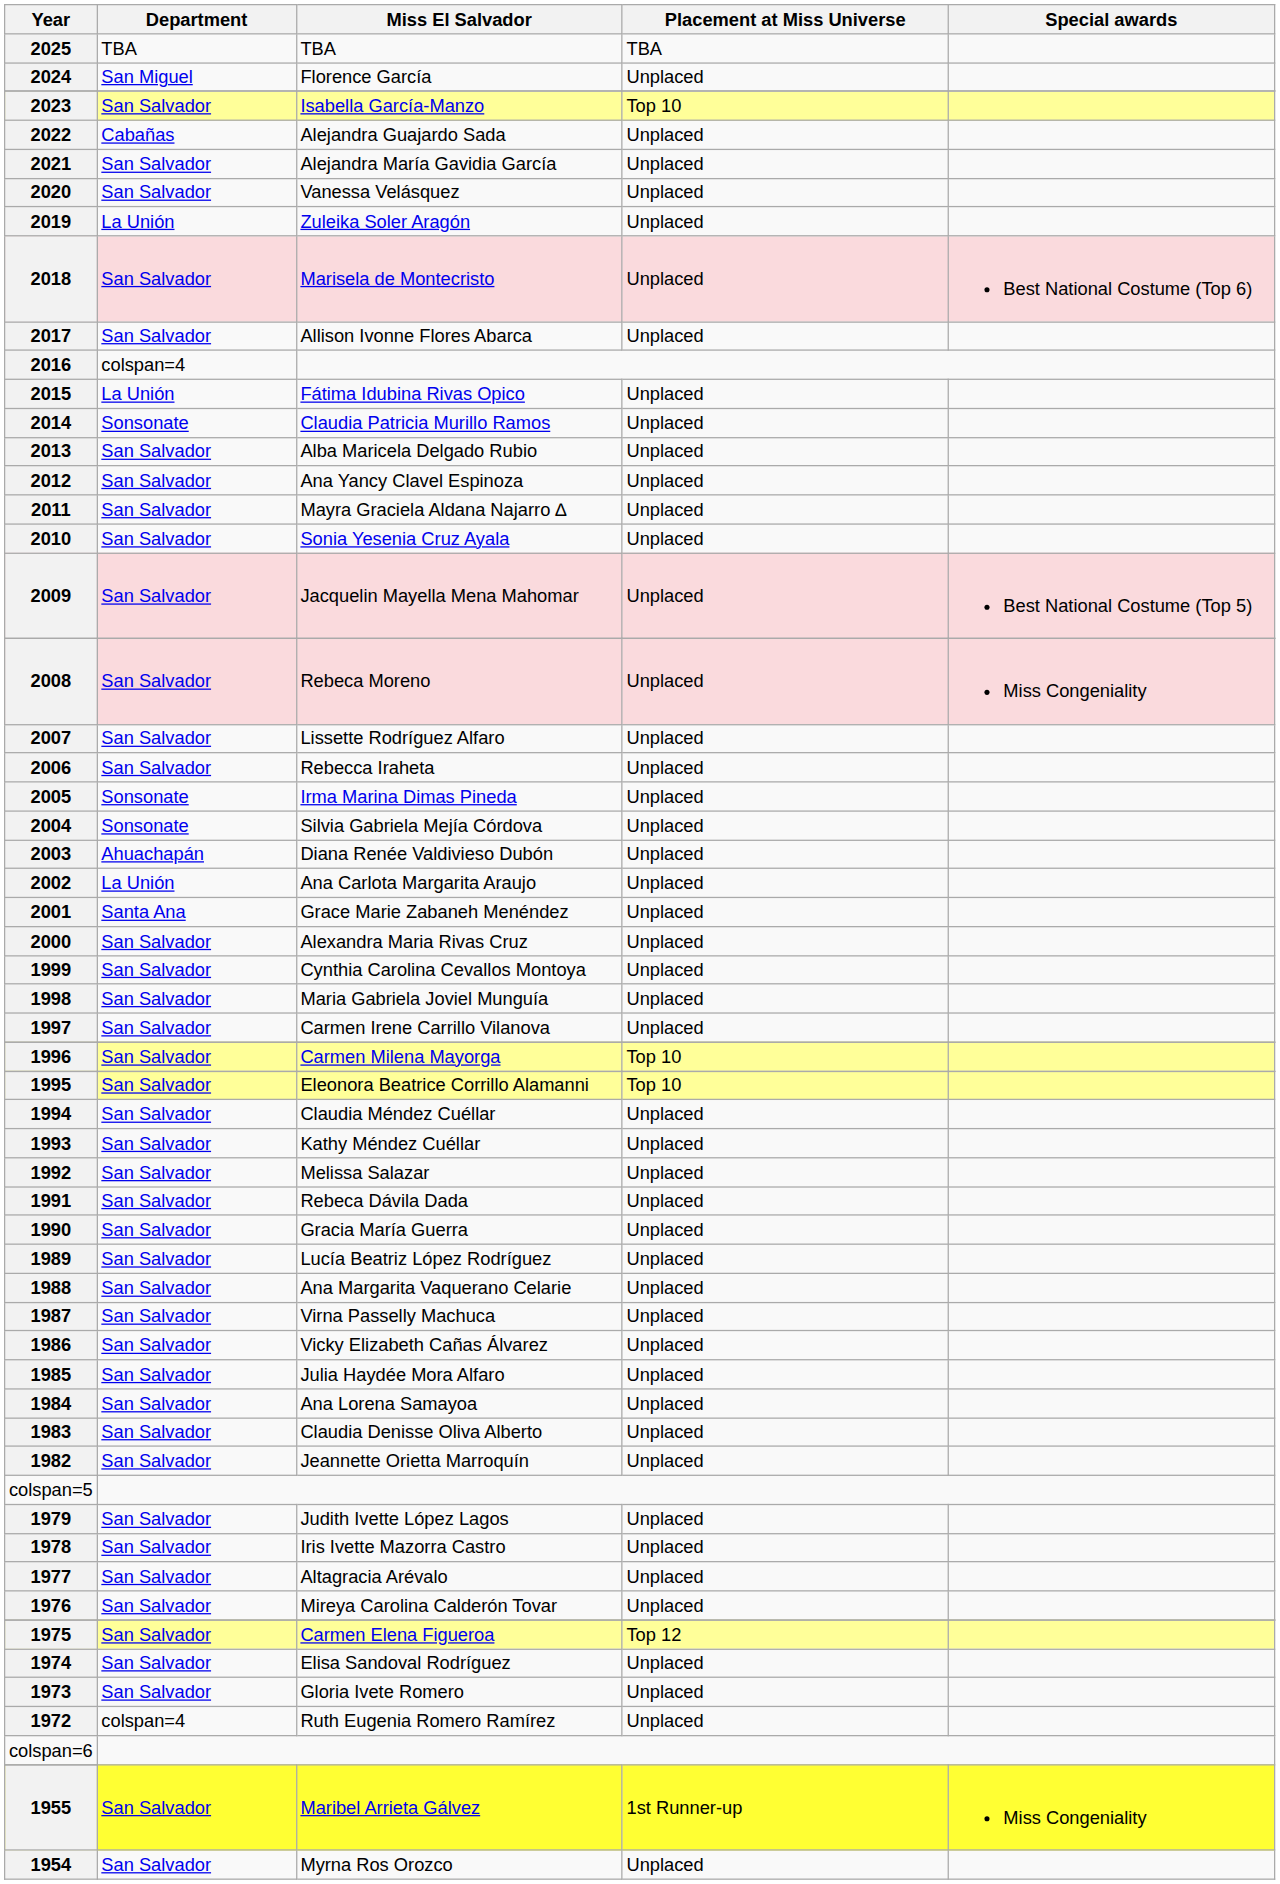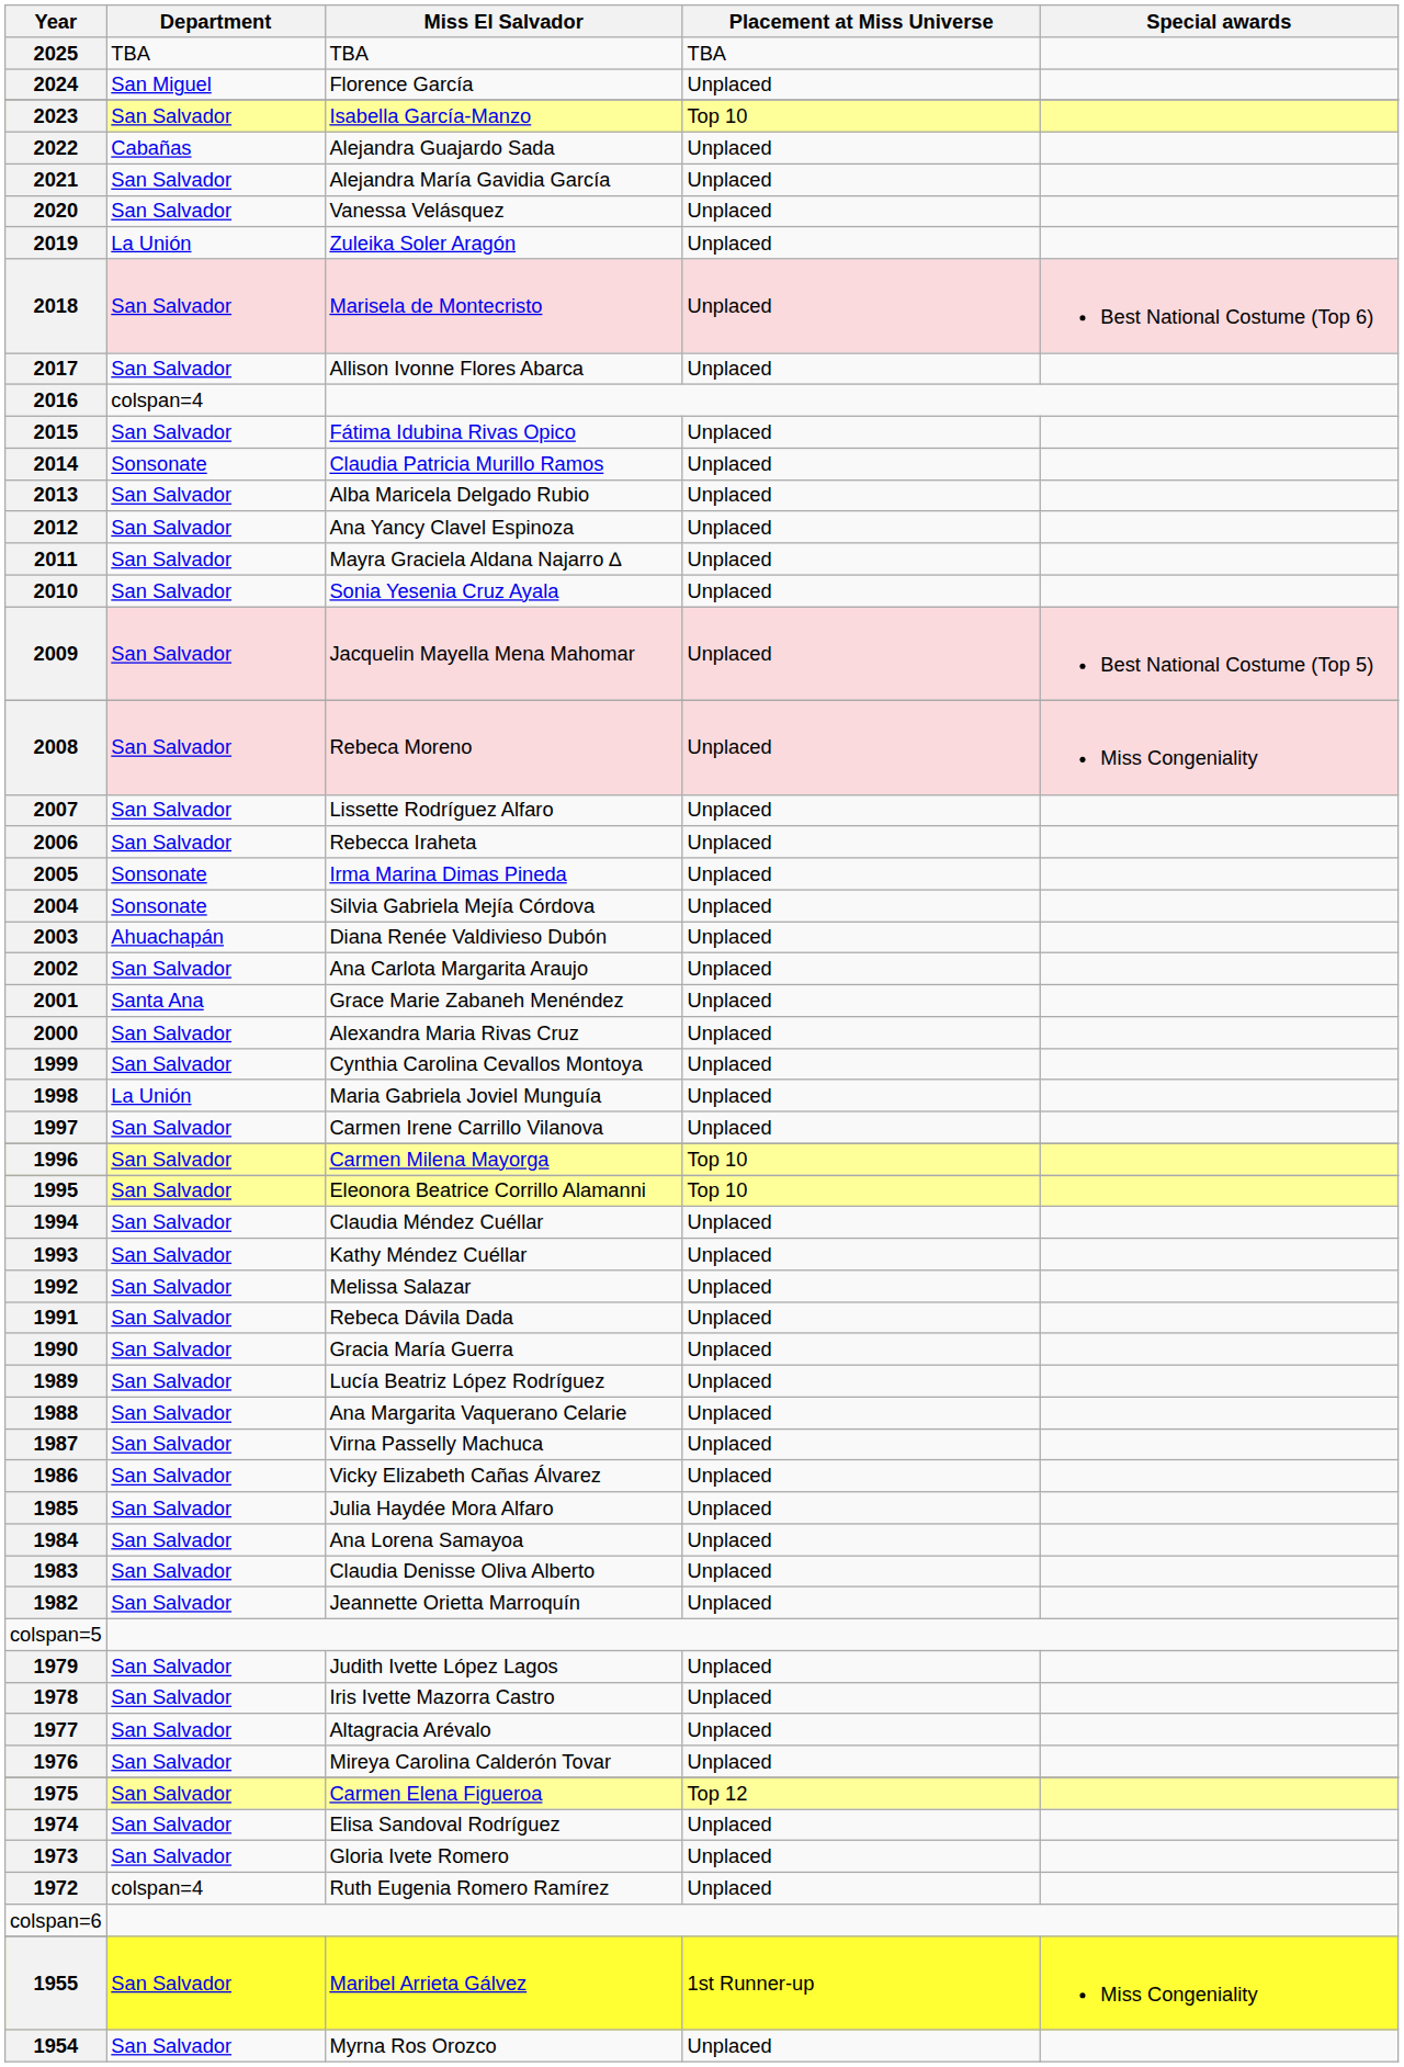 <table class="wikitable " style="font-size: 90%;">
 <tr>
 <th width="60">Year</th>
 <th width="150">Department</th>
 <th width="250">Miss El Salvador</th>
 <th width="250">Placement at Miss Universe</th>
 <th width="250">Special awards</th>
 </tr>
 <tr>
 <th>2025</th>
 <td>TBA</td>
 <td>TBA</td>
 <td>TBA</td>
 <td></td>
 </tr>
 <tr>
 <th>2024</th>
 <td><a href='#'>San Miguel</a></td>
 <td>Florence García</td>
 <td>Unplaced</td>
 <td></td>
 </tr>
 <tr>
 </tr>
 <tr style="background-color:#FFFF99;">
 <th>2023</th>
 <td><a href='#'>San Salvador</a></td>
 <td><a href='#'>Isabella García-Manzo</a></td>
 <td>Top 10</td>
 <td></td>
 </tr>
 <tr>
 <th>2022</th>
 <td><a href='#'>Cabañas</a></td>
 <td>Alejandra Guajardo Sada</td>
 <td>Unplaced</td>
 <td></td>
 </tr>
 <tr>
 <th>2021</th>
 <td><a href='#'>San Salvador</a></td>
 <td>Alejandra María Gavidia García</td>
 <td>Unplaced</td>
 <td></td>
 </tr>
 <tr>
 <th>2020</th>
 <td><a href='#'>San Salvador</a></td>
 <td>Vanessa Velásquez</td>
 <td>Unplaced</td>
 <td></td>
 </tr>
 <tr>
 <th>2019</th>
 <td><a href='#'>La Unión</a></td>
 <td><a href='#'>Zuleika Soler Aragón</a></td>
 <td>Unplaced</td>
 <td></td>
 </tr>
 <tr style="background-color:#FADADD">
 <th>2018</th>
 <td><a href='#'>San Salvador</a></td>
 <td><a href='#'>Marisela de Montecristo</a></td>
 <td>Unplaced</td>
 <td><br><ul><li>Best National Costume (Top 6)</li></ul></td>
 </tr>
 <tr>
 <th>2017</th>
 <td><a href='#'>San Salvador</a></td>
 <td>Allison Ivonne Flores Abarca</td>
 <td>Unplaced</td>
 <td></td>
 </tr>
 <tr>
 <th>2016</th>
 <td>colspan=4 </td>
 </tr>
 <tr>
 <th>2015</th>
-<td><a href='#'>La Unión</a></td>
+<td><a href='#'>San Salvador</a></td>
 <td><a href='#'>Fátima Idubina Rivas Opico</a></td>
 <td>Unplaced</td>
 <td></td>
 </tr>
 <tr>
 <th>2014</th>
 <td><a href='#'>Sonsonate</a></td>
 <td><a href='#'>Claudia Patricia Murillo Ramos</a></td>
 <td>Unplaced</td>
 <td></td>
 </tr>
 <tr>
 <th>2013</th>
 <td><a href='#'>San Salvador</a></td>
 <td>Alba Maricela Delgado Rubio</td>
 <td>Unplaced</td>
 <td></td>
 </tr>
 <tr>
 <th>2012</th>
 <td><a href='#'>San Salvador</a></td>
 <td>Ana Yancy Clavel Espinoza</td>
 <td>Unplaced</td>
 <td></td>
 </tr>
 <tr>
 <th>2011</th>
 <td><a href='#'>San Salvador</a></td>
 <td>Mayra Graciela Aldana Najarro ∆</td>
 <td>Unplaced</td>
 <td></td>
 </tr>
 <tr>
 <th>2010</th>
 <td><a href='#'>San Salvador</a></td>
 <td><a href='#'>Sonia Yesenia Cruz Ayala</a></td>
 <td>Unplaced</td>
 <td></td>
 </tr>
 <tr style="background-color:#FADADD">
 <th>2009</th>
 <td><a href='#'>San Salvador</a></td>
 <td>Jacquelin Mayella Mena Mahomar</td>
 <td>Unplaced</td>
 <td><br><ul><li>Best National Costume (Top 5)</li></ul></td>
 </tr>
 <tr>
 </tr>
 <tr style="background-color:#FADADD">
 <th>2008</th>
 <td><a href='#'>San Salvador</a></td>
 <td>Rebeca Moreno</td>
 <td>Unplaced</td>
 <td><br><ul><li>Miss Congeniality</li></ul></td>
 </tr>
 <tr>
 <th>2007</th>
 <td><a href='#'>San Salvador</a></td>
 <td>Lissette Rodríguez Alfaro</td>
 <td>Unplaced</td>
 <td></td>
 </tr>
 <tr>
 <th>2006</th>
 <td><a href='#'>San Salvador</a></td>
 <td>Rebecca Iraheta</td>
 <td>Unplaced</td>
 <td></td>
 </tr>
 <tr>
 <th>2005</th>
 <td><a href='#'>Sonsonate</a></td>
 <td><a href='#'>Irma Marina Dimas Pineda</a></td>
 <td>Unplaced</td>
 <td></td>
 </tr>
 <tr>
 <th>2004</th>
 <td><a href='#'>Sonsonate</a></td>
 <td>Silvia Gabriela Mejía Córdova</td>
 <td>Unplaced</td>
 <td></td>
 </tr>
 <tr>
 <th>2003</th>
 <td><a href='#'>Ahuachapán</a></td>
 <td>Diana Renée Valdivieso Dubón</td>
 <td>Unplaced</td>
 <td></td>
 </tr>
 <tr>
 <th>2002</th>
-<td><a href='#'>La Unión</a></td>
+<td><a href='#'>San Salvador</a></td>
 <td>Ana Carlota Margarita Araujo</td>
 <td>Unplaced</td>
 <td></td>
 </tr>
 <tr>
 <th>2001</th>
 <td><a href='#'>Santa Ana</a></td>
 <td>Grace Marie Zabaneh Menéndez</td>
 <td>Unplaced</td>
 <td></td>
 </tr>
 <tr>
 <th>2000</th>
 <td><a href='#'>San Salvador</a></td>
 <td>Alexandra Maria Rivas Cruz</td>
 <td>Unplaced</td>
 <td></td>
 </tr>
 <tr>
 <th>1999</th>
 <td><a href='#'>San Salvador</a></td>
 <td>Cynthia Carolina Cevallos Montoya</td>
 <td>Unplaced</td>
 <td></td>
 </tr>
 <tr>
 <th>1998</th>
-<td><a href='#'>San Salvador</a></td>
+<td><a href='#'>La Unión</a></td>
 <td>Maria Gabriela Joviel Munguía</td>
 <td>Unplaced</td>
 <td></td>
 </tr>
 <tr>
 <th>1997</th>
 <td><a href='#'>San Salvador</a></td>
 <td>Carmen Irene Carrillo Vilanova</td>
 <td>Unplaced</td>
 <td></td>
 </tr>
 <tr>
 </tr>
 <tr style="background-color:#FFFF99;">
 <th>1996</th>
 <td><a href='#'>San Salvador</a></td>
 <td><a href='#'>Carmen Milena Mayorga</a></td>
 <td>Top 10</td>
 <td></td>
 </tr>
 <tr>
 </tr>
 <tr style="background-color:#FFFF99;">
 <th>1995</th>
 <td><a href='#'>San Salvador</a></td>
 <td>Eleonora Beatrice Corrillo Alamanni</td>
 <td>Top 10</td>
 <td></td>
 </tr>
 <tr>
 <th>1994</th>
 <td><a href='#'>San Salvador</a></td>
 <td>Claudia Méndez Cuéllar</td>
 <td>Unplaced</td>
 <td></td>
 </tr>
 <tr>
 <th>1993</th>
 <td><a href='#'>San Salvador</a></td>
 <td>Kathy Méndez Cuéllar</td>
 <td>Unplaced</td>
 <td></td>
 </tr>
 <tr>
 <th>1992</th>
 <td><a href='#'>San Salvador</a></td>
 <td>Melissa Salazar</td>
 <td>Unplaced</td>
 <td></td>
 </tr>
 <tr>
 <th>1991</th>
 <td><a href='#'>San Salvador</a></td>
 <td>Rebeca Dávila Dada</td>
 <td>Unplaced</td>
 <td></td>
 </tr>
 <tr>
 <th>1990</th>
 <td><a href='#'>San Salvador</a></td>
 <td>Gracia María Guerra</td>
 <td>Unplaced</td>
 <td></td>
 </tr>
 <tr>
 <th>1989</th>
 <td><a href='#'>San Salvador</a></td>
 <td>Lucía Beatriz López Rodríguez</td>
 <td>Unplaced</td>
 <td></td>
 </tr>
 <tr>
 <th>1988</th>
 <td><a href='#'>San Salvador</a></td>
 <td>Ana Margarita Vaquerano Celarie</td>
 <td>Unplaced</td>
 <td></td>
 </tr>
 <tr>
 <th>1987</th>
 <td><a href='#'>San Salvador</a></td>
 <td>Virna Passelly Machuca</td>
 <td>Unplaced</td>
 <td></td>
 </tr>
 <tr>
 <th>1986</th>
 <td><a href='#'>San Salvador</a></td>
 <td>Vicky Elizabeth Cañas Álvarez</td>
 <td>Unplaced</td>
 <td></td>
 </tr>
 <tr>
 <th>1985</th>
 <td><a href='#'>San Salvador</a></td>
 <td>Julia Haydée Mora Alfaro</td>
 <td>Unplaced</td>
 <td></td>
 </tr>
 <tr>
 <th>1984</th>
 <td><a href='#'>San Salvador</a></td>
 <td>Ana Lorena Samayoa</td>
 <td>Unplaced</td>
 <td></td>
 </tr>
 <tr>
 <th>1983</th>
 <td><a href='#'>San Salvador</a></td>
 <td>Claudia Denisse Oliva Alberto</td>
 <td>Unplaced</td>
 <td></td>
 </tr>
 <tr>
 <th>1982</th>
 <td><a href='#'>San Salvador</a></td>
 <td>Jeannette Orietta Marroquín</td>
 <td>Unplaced</td>
 <td></td>
 </tr>
 <tr>
 <td>colspan=5 </td>
 </tr>
 <tr>
 <th>1979</th>
 <td><a href='#'>San Salvador</a></td>
 <td>Judith Ivette López Lagos</td>
 <td>Unplaced</td>
 <td></td>
 </tr>
 <tr>
 <th>1978</th>
 <td><a href='#'>San Salvador</a></td>
 <td>Iris Ivette Mazorra Castro</td>
 <td>Unplaced</td>
 <td></td>
 </tr>
 <tr>
 <th>1977</th>
 <td><a href='#'>San Salvador</a></td>
 <td>Altagracia Arévalo</td>
 <td>Unplaced</td>
 <td></td>
 </tr>
 <tr>
 <th>1976</th>
 <td><a href='#'>San Salvador</a></td>
 <td>Mireya Carolina Calderón Tovar</td>
 <td>Unplaced</td>
 <td></td>
 </tr>
 <tr>
 </tr>
 <tr style="background-color:#FFFF99;">
 <th>1975</th>
 <td><a href='#'>San Salvador</a></td>
 <td><a href='#'>Carmen Elena Figueroa</a></td>
 <td>Top 12</td>
 <td></td>
 </tr>
 <tr>
 <th>1974</th>
 <td><a href='#'>San Salvador</a></td>
 <td>Elisa Sandoval Rodríguez</td>
 <td>Unplaced</td>
 <td></td>
 </tr>
 <tr>
 <th>1973</th>
 <td><a href='#'>San Salvador</a></td>
 <td>Gloria Ivete Romero</td>
 <td>Unplaced</td>
 <td></td>
 </tr>
 <tr>
 <th>1972</th>
 <td>colspan=4 </td>
 <td>Ruth Eugenia Romero Ramírez</td>
 <td>Unplaced</td>
 <td></td>
 </tr>
 <tr>
 <td>colspan=6 </td>
 </tr>
 <tr>
 </tr>
 <tr style="background-color:#FFFF33;">
 <th>1955</th>
 <td><a href='#'>San Salvador</a></td>
 <td><a href='#'>Maribel Arrieta Gálvez</a></td>
 <td>1st Runner-up</td>
 <td><br><ul><li>Miss Congeniality</li></ul></td>
 </tr>
 <tr>
 <th>1954</th>
 <td><a href='#'>San Salvador</a></td>
 <td>Myrna Ros Orozco</td>
 <td>Unplaced</td>
 <td></td>
 </tr>
 </table>
